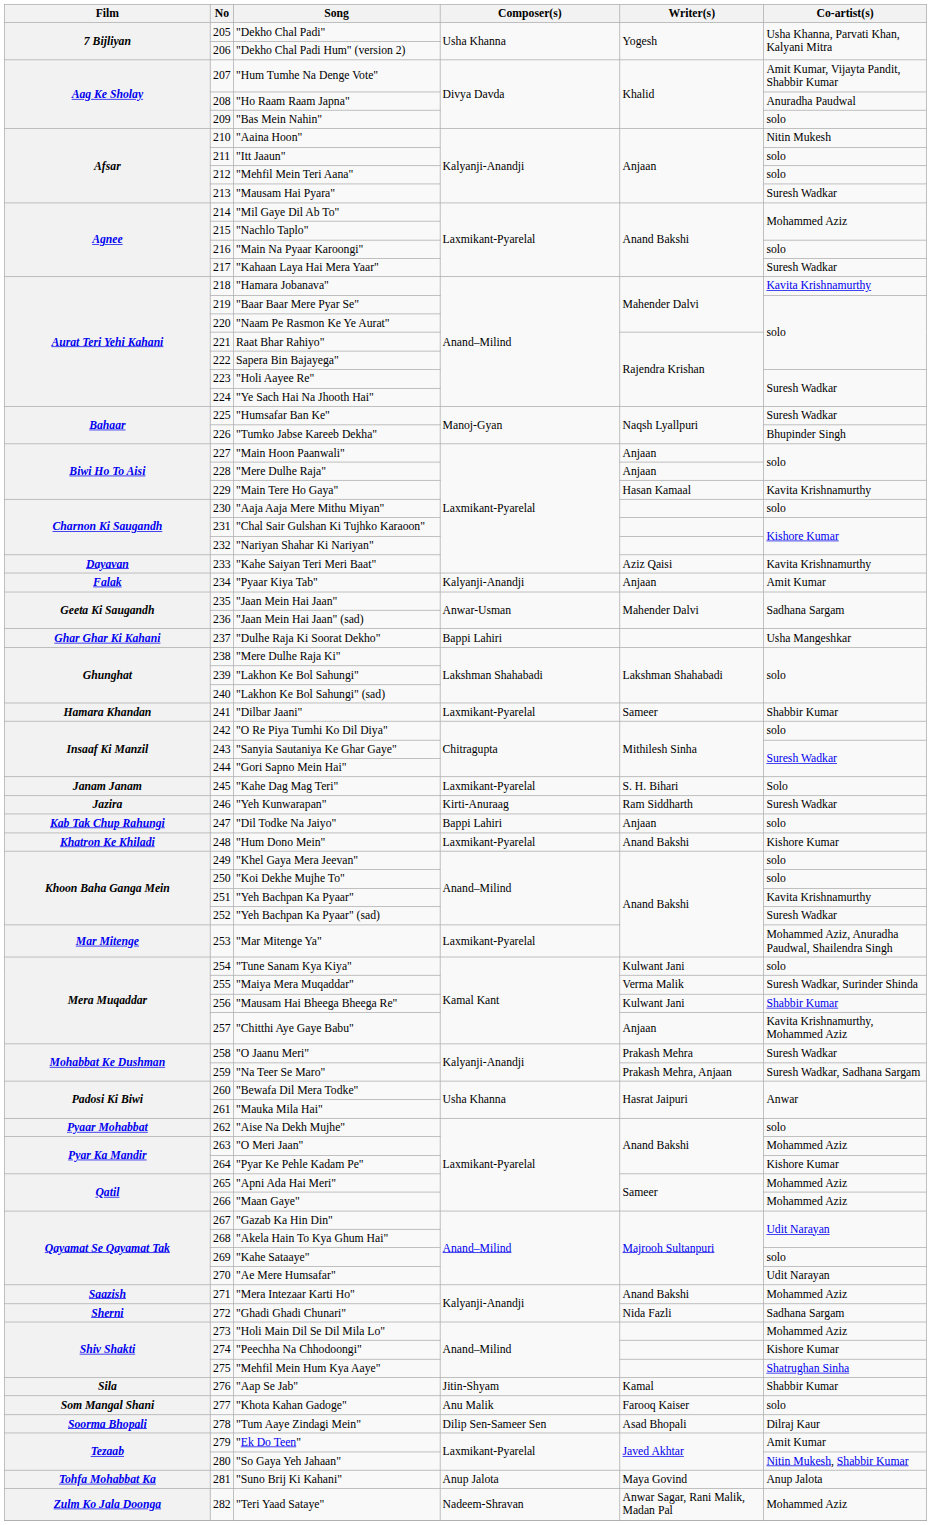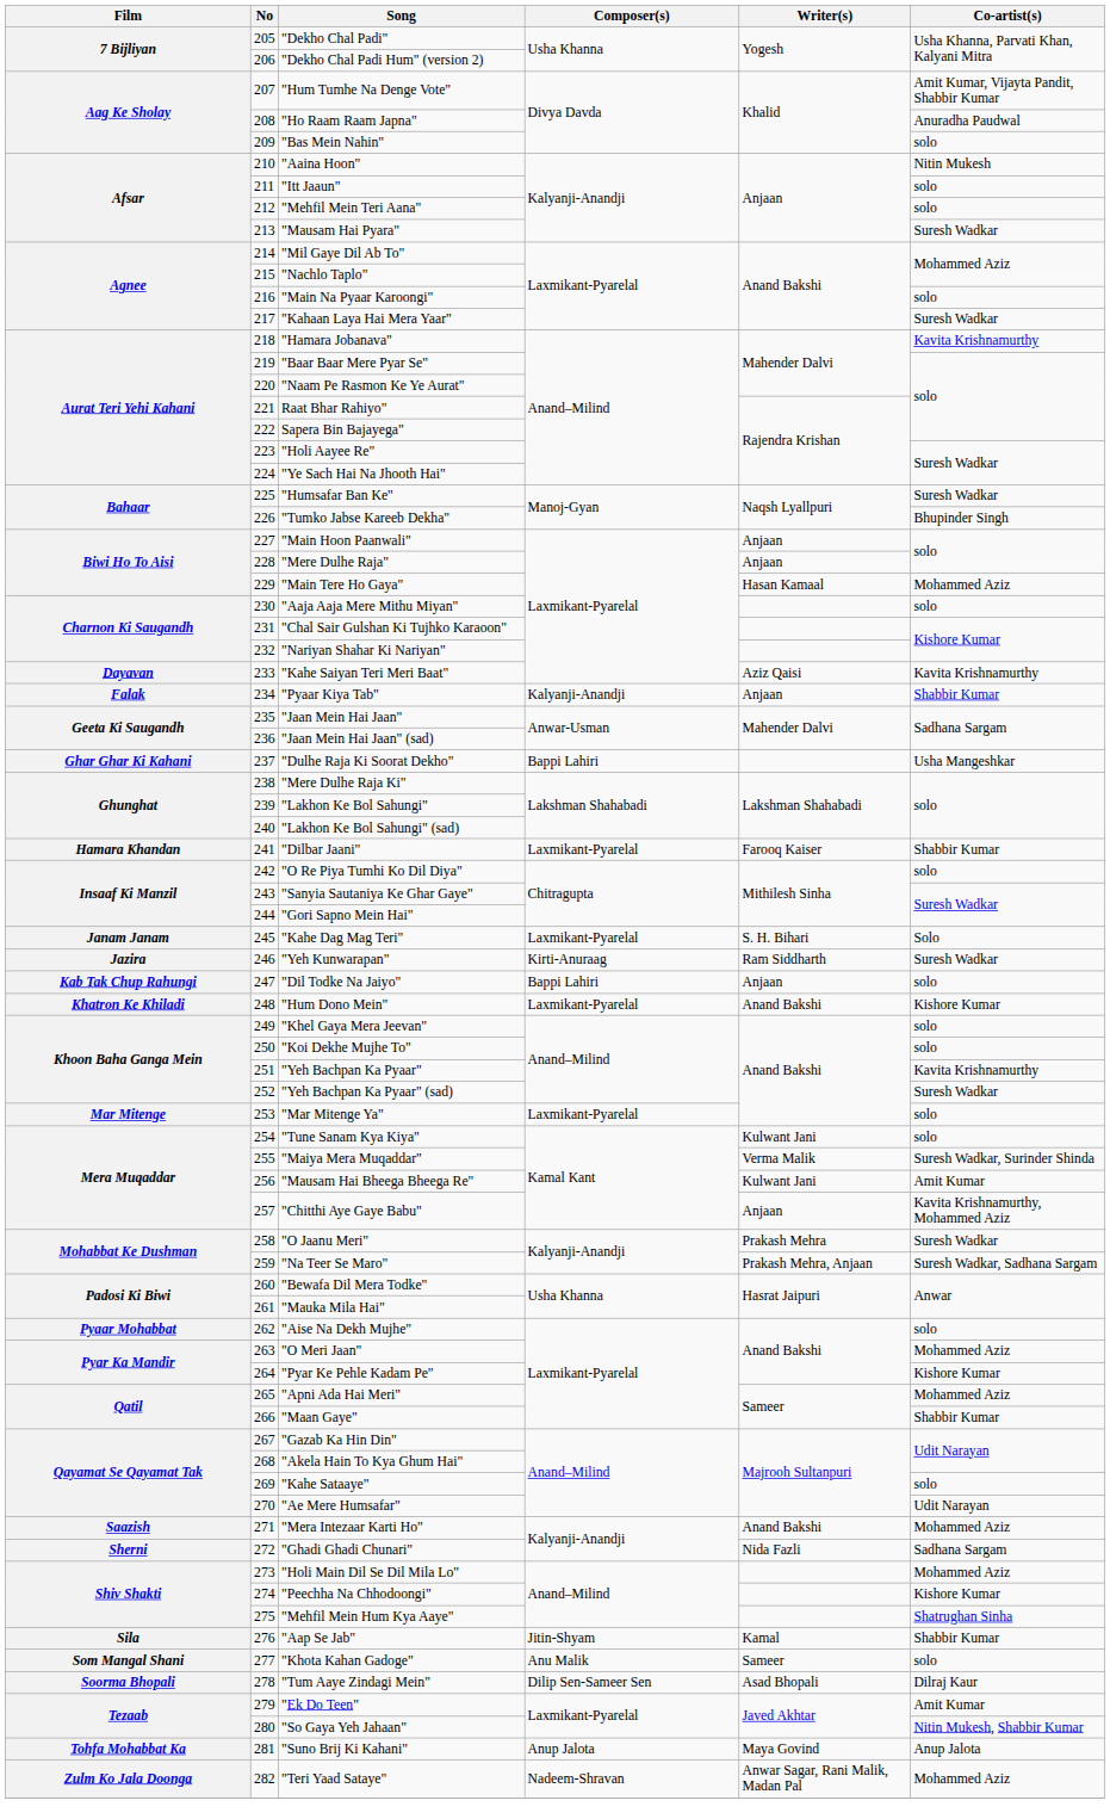 <table class="wikitable plainrowheaders" width="100%" textcolor:#000;">
 <tr style="background:#b0e0e66;">
 <th scope="col" width=23%><strong>Film</strong></th>
 <th><strong>No</strong></th>
 <th scope="col" width=23%><strong>Song</strong></th>
 <th scope="col" width=20%><strong>Composer(s)</strong></th>
 <th scope="col" width=16%><strong>Writer(s)</strong></th>
 <th scope="col" width=18%><strong>Co-artist(s)</strong></th>
 </tr>
 <tr>
 <th rowspan=2><em>7 Bijliyan</em></th>
 <td>205</td>
 <td>"Dekho Chal Padi"</td>
 <td rowspan=2>Usha Khanna</td>
 <td rowspan=2>Yogesh</td>
 <td rowspan=2>Usha Khanna, Parvati Khan, Kalyani Mitra</td>
 </tr>
 <tr>
 <td>206</td>
 <td>"Dekho Chal Padi Hum" (version 2)</td>
 </tr>
 <tr>
 <th rowspan=3><em><a href='#'>Aag Ke Sholay</a></em></th>
 <td>207</td>
 <td>"Hum Tumhe Na Denge Vote"</td>
 <td rowspan=3>Divya Davda</td>
 <td rowspan=3>Khalid</td>
 <td>Amit Kumar, Vijayta Pandit, Shabbir Kumar</td>
 </tr>
 <tr>
 <td>208</td>
 <td>"Ho Raam Raam Japna"</td>
 <td>Anuradha Paudwal</td>
 </tr>
 <tr>
 <td>209</td>
 <td>"Bas Mein Nahin"</td>
 <td>solo</td>
 </tr>
 <tr>
 <th rowspan=4><em>Afsar</em></th>
 <td>210</td>
 <td>"Aaina Hoon"</td>
 <td rowspan=4>Kalyanji-Anandji</td>
 <td rowspan=4>Anjaan</td>
 <td>Nitin Mukesh</td>
 </tr>
 <tr>
 <td>211</td>
 <td>"Itt Jaaun"</td>
 <td>solo</td>
 </tr>
 <tr>
 <td>212</td>
 <td>"Mehfil Mein Teri Aana"</td>
 <td>solo</td>
 </tr>
 <tr>
 <td>213</td>
 <td>"Mausam Hai Pyara"</td>
 <td>Suresh Wadkar</td>
 </tr>
 <tr>
 <th rowspan=4><em><a href='#'>Agnee</a></em></th>
 <td>214</td>
 <td>"Mil Gaye Dil Ab To"</td>
 <td rowspan=4>Laxmikant-Pyarelal</td>
 <td rowspan=4>Anand Bakshi</td>
 <td rowspan=2>Mohammed Aziz</td>
 </tr>
 <tr>
 <td>215</td>
 <td>"Nachlo Taplo"</td>
 </tr>
 <tr>
 <td>216</td>
 <td>"Main Na Pyaar Karoongi"</td>
 <td>solo</td>
 </tr>
 <tr>
 <td>217</td>
 <td>"Kahaan Laya Hai Mera Yaar"</td>
 <td>Suresh Wadkar</td>
 </tr>
 <tr>
 <th rowspan="7"><em><a href='#'>Aurat Teri Yehi Kahani</a></em></th>
 <td>218</td>
 <td>"Hamara Jobanava"</td>
 <td rowspan="7">Anand–Milind</td>
 <td rowspan=3>Mahender Dalvi</td>
 <td><a href='#'>Kavita Krishnamurthy</a></td>
 </tr>
 <tr>
 <td>219</td>
 <td>"Baar Baar Mere Pyar Se"</td>
 <td rowspan=4>solo</td>
 </tr>
 <tr>
 <td>220</td>
 <td>"Naam Pe Rasmon Ke Ye Aurat"</td>
 </tr>
 <tr>
 <td>221</td>
 <td>Raat Bhar Rahiyo"</td>
 <td rowspan=4>Rajendra Krishan</td>
 </tr>
 <tr>
 <td>222</td>
 <td>Sapera Bin Bajayega"</td>
 </tr>
 <tr>
 <td>223</td>
 <td>"Holi Aayee Re"</td>
 <td rowspan="2">Suresh Wadkar</td>
 </tr>
 <tr>
 <td>224</td>
 <td>"Ye Sach Hai Na Jhooth Hai"</td>
 </tr>
 <tr>
 <th rowspan=2><em><a href='#'>Bahaar</a></em></th>
 <td>225</td>
 <td>"Humsafar Ban Ke"</td>
 <td rowspan=2>Manoj-Gyan</td>
 <td rowspan=2>Naqsh Lyallpuri</td>
 <td>Suresh Wadkar</td>
 </tr>
 <tr>
 <td>226</td>
 <td>"Tumko Jabse Kareeb Dekha"</td>
 <td>Bhupinder Singh</td>
 </tr>
 <tr>
 <th rowspan=3><em><a href='#'>Biwi Ho To Aisi</a></em></th>
 <td>227</td>
 <td>"Main Hoon Paanwali"</td>
 <td rowspan=7>Laxmikant-Pyarelal</td>
 <td>Anjaan</td>
 <td rowspan=2>solo</td>
 </tr>
 <tr>
 <td>228</td>
 <td>"Mere Dulhe Raja"</td>
 <td>Anjaan</td>
 </tr>
 <tr>
 <td>229</td>
 <td>"Main Tere Ho Gaya"</td>
 <td>Hasan Kamaal</td>
-<td>Kavita Krishnamurthy</td>
+<td>Mohammed Aziz</td>
 </tr>
 <tr>
 <th rowspan="3"><em><a href='#'>Charnon Ki Saugandh</a></em></th>
 <td>230</td>
 <td>"Aaja Aaja Mere Mithu Miyan"</td>
 <td></td>
 <td>solo</td>
 </tr>
 <tr>
 <td>231</td>
 <td>"Chal Sair Gulshan Ki Tujhko Karaoon"</td>
 <td></td>
 <td rowspan="2"><a href='#'>Kishore Kumar</a></td>
 </tr>
 <tr>
 <td>232</td>
 <td>"Nariyan Shahar Ki Nariyan"</td>
 <td></td>
 </tr>
 <tr>
 <th><em><a href='#'>Dayavan</a></em></th>
 <td>233</td>
 <td>"Kahe Saiyan Teri Meri Baat"</td>
 <td>Aziz Qaisi</td>
 <td>Kavita Krishnamurthy</td>
 </tr>
 <tr>
 <th><em><a href='#'>Falak</a></em></th>
 <td>234</td>
 <td>"Pyaar Kiya Tab"</td>
 <td>Kalyanji-Anandji</td>
 <td>Anjaan</td>
-<td>Amit Kumar</td>
+<td><a href='#'>Shabbir Kumar</a></td>
 </tr>
 <tr>
 <th rowspan=2><em>Geeta Ki Saugandh</em></th>
 <td>235</td>
 <td>"Jaan Mein Hai Jaan"</td>
 <td rowspan=2>Anwar-Usman</td>
 <td rowspan=2>Mahender Dalvi</td>
 <td rowspan=2>Sadhana Sargam</td>
 </tr>
 <tr>
 <td>236</td>
 <td>"Jaan Mein Hai Jaan" (sad)</td>
 </tr>
 <tr>
 <th><em><a href='#'>Ghar Ghar Ki Kahani</a></em></th>
 <td>237</td>
 <td>"Dulhe Raja Ki Soorat Dekho"</td>
 <td>Bappi Lahiri</td>
 <td></td>
 <td>Usha Mangeshkar</td>
 </tr>
 <tr>
 <th rowspan=3><em>Ghunghat</em></th>
 <td>238</td>
 <td>"Mere Dulhe Raja Ki"</td>
 <td rowspan=3>Lakshman Shahabadi</td>
 <td rowspan=3>Lakshman Shahabadi</td>
 <td rowspan=3>solo</td>
 </tr>
 <tr>
 <td>239</td>
 <td>"Lakhon Ke Bol Sahungi"</td>
 </tr>
 <tr>
 <td>240</td>
 <td>"Lakhon Ke Bol Sahungi" (sad)</td>
 </tr>
 <tr>
 <th><em>Hamara Khandan</em></th>
 <td>241</td>
 <td>"Dilbar Jaani"</td>
 <td>Laxmikant-Pyarelal</td>
-<td>Sameer</td>
+<td>Farooq Kaiser</td>
 <td>Shabbir Kumar</td>
 </tr>
 <tr>
 <th rowspan="3"><em>Insaaf Ki Manzil</em></th>
 <td>242</td>
 <td>"O Re Piya Tumhi Ko Dil Diya"</td>
 <td rowspan=3>Chitragupta</td>
 <td rowspan=3>Mithilesh Sinha</td>
 <td>solo</td>
 </tr>
 <tr>
 <td>243</td>
 <td>"Sanyia Sautaniya Ke Ghar Gaye"</td>
 <td rowspan="2"><a href='#'>Suresh Wadkar</a></td>
 </tr>
 <tr>
 <td>244</td>
 <td>"Gori Sapno Mein Hai"</td>
 </tr>
 <tr>
 <th><em>Janam Janam</em></th>
 <td>245</td>
 <td>"Kahe Dag Mag Teri"</td>
 <td rowspan="1">Laxmikant-Pyarelal</td>
 <td>S. H. Bihari</td>
 <td>Solo</td>
 </tr>
 <tr>
 <th><em>Jazira</em></th>
 <td>246</td>
 <td>"Yeh Kunwarapan"</td>
 <td>Kirti-Anuraag</td>
 <td>Ram Siddharth</td>
 <td>Suresh Wadkar</td>
 </tr>
 <tr>
 <th><em><a href='#'>Kab Tak Chup Rahungi</a></em></th>
 <td>247</td>
 <td>"Dil Todke Na Jaiyo"</td>
 <td>Bappi Lahiri</td>
 <td>Anjaan</td>
 <td>solo</td>
 </tr>
 <tr>
 <th><em><a href='#'>Khatron Ke Khiladi</a></em></th>
 <td>248</td>
 <td>"Hum Dono Mein"</td>
 <td>Laxmikant-Pyarelal</td>
 <td>Anand Bakshi</td>
 <td>Kishore Kumar</td>
 </tr>
 <tr>
 <th rowspan=4><em>Khoon Baha Ganga Mein</em></th>
 <td>249</td>
 <td>"Khel Gaya Mera Jeevan"</td>
 <td rowspan=4>Anand–Milind</td>
 <td rowspan=5>Anand Bakshi</td>
 <td>solo</td>
 </tr>
 <tr>
 <td>250</td>
 <td>"Koi Dekhe Mujhe To"</td>
 <td>solo</td>
 </tr>
 <tr>
 <td>251</td>
 <td>"Yeh Bachpan Ka Pyaar"</td>
 <td>Kavita Krishnamurthy</td>
 </tr>
 <tr>
 <td>252</td>
 <td>"Yeh Bachpan Ka Pyaar" (sad)</td>
 <td>Suresh Wadkar</td>
 </tr>
 <tr>
 <th><em><a href='#'>Mar Mitenge</a></em></th>
 <td>253</td>
 <td>"Mar Mitenge Ya"</td>
 <td>Laxmikant-Pyarelal</td>
-<td>Mohammed Aziz, Anuradha Paudwal, Shailendra Singh</td>
+<td>solo</td>
 </tr>
 <tr>
 <th rowspan=4><em>Mera Muqaddar</em></th>
 <td>254</td>
 <td>"Tune Sanam Kya Kiya"</td>
 <td rowspan=4>Kamal Kant</td>
 <td>Kulwant Jani</td>
 <td>solo</td>
 </tr>
 <tr>
 <td>255</td>
 <td>"Maiya Mera Muqaddar"</td>
 <td>Verma Malik</td>
 <td>Suresh Wadkar, Surinder Shinda</td>
 </tr>
 <tr>
 <td>256</td>
 <td>"Mausam Hai Bheega Bheega Re"</td>
 <td>Kulwant Jani</td>
-<td><a href='#'>Shabbir Kumar</a></td>
+<td>Amit Kumar</td>
 </tr>
 <tr>
 <td>257</td>
 <td>"Chitthi Aye Gaye Babu"</td>
 <td>Anjaan</td>
 <td>Kavita Krishnamurthy, Mohammed Aziz</td>
 </tr>
 <tr>
 <th rowspan=2><em><a href='#'>Mohabbat Ke Dushman</a></em></th>
 <td>258</td>
 <td>"O Jaanu Meri"</td>
 <td rowspan=2>Kalyanji-Anandji</td>
 <td>Prakash Mehra</td>
 <td>Suresh Wadkar</td>
 </tr>
 <tr>
 <td>259</td>
 <td>"Na Teer Se Maro"</td>
 <td>Prakash Mehra, Anjaan</td>
 <td>Suresh Wadkar, Sadhana Sargam</td>
 </tr>
 <tr>
 <th rowspan=2><em>Padosi Ki Biwi</em></th>
 <td>260</td>
 <td>"Bewafa Dil Mera Todke"</td>
 <td rowspan=2>Usha Khanna</td>
 <td rowspan=2>Hasrat Jaipuri</td>
 <td rowspan=2>Anwar</td>
 </tr>
 <tr>
 <td>261</td>
 <td>"Mauka Mila Hai"</td>
 </tr>
 <tr>
 <th><em><a href='#'>Pyaar Mohabbat</a></em></th>
 <td>262</td>
 <td>"Aise Na Dekh Mujhe"</td>
 <td rowspan=5>Laxmikant-Pyarelal</td>
 <td rowspan=3>Anand Bakshi</td>
 <td>solo</td>
 </tr>
 <tr>
 <th rowspan=2><em><a href='#'>Pyar Ka Mandir</a></em></th>
 <td>263</td>
 <td>"O Meri Jaan"</td>
 <td>Mohammed Aziz</td>
 </tr>
 <tr>
 <td>264</td>
 <td>"Pyar Ke Pehle Kadam Pe"</td>
 <td>Kishore Kumar</td>
 </tr>
 <tr>
 <th rowspan=2><em><a href='#'>Qatil</a></em></th>
 <td>265</td>
 <td>"Apni Ada Hai Meri"</td>
 <td rowspan=2>Sameer</td>
 <td>Mohammed Aziz</td>
 </tr>
 <tr>
 <td>266</td>
 <td>"Maan Gaye"</td>
-<td>Mohammed Aziz</td>
+<td>Shabbir Kumar</td>
 </tr>
 <tr>
 <th rowspan="4"><em><a href='#'>Qayamat Se Qayamat Tak</a></em></th>
 <td>267</td>
 <td>"Gazab Ka Hin Din"</td>
 <td rowspan="4"><a href='#'>Anand–Milind</a></td>
 <td rowspan="4"><a href='#'>Majrooh Sultanpuri</a></td>
 <td rowspan="2"><a href='#'>Udit Narayan</a></td>
 </tr>
 <tr>
 <td>268</td>
 <td>"Akela Hain To Kya Ghum Hai"</td>
 </tr>
 <tr>
 <td>269</td>
 <td>"Kahe Sataaye"</td>
 <td>solo</td>
 </tr>
 <tr>
 <td>270</td>
 <td>"Ae Mere Humsafar"</td>
 <td>Udit Narayan</td>
 </tr>
 <tr>
 <th><em><a href='#'>Saazish</a></em></th>
 <td>271</td>
 <td>"Mera Intezaar Karti Ho"</td>
 <td rowspan=2>Kalyanji-Anandji</td>
 <td>Anand Bakshi</td>
 <td>Mohammed Aziz</td>
 </tr>
 <tr>
 <th><em><a href='#'>Sherni</a></em></th>
 <td>272</td>
 <td>"Ghadi Ghadi Chunari"</td>
 <td>Nida Fazli</td>
 <td>Sadhana Sargam</td>
 </tr>
 <tr>
 <th rowspan="3"><em><a href='#'>Shiv Shakti</a></em></th>
 <td>273</td>
 <td>"Holi Main Dil Se Dil Mila Lo"</td>
 <td rowspan="3">Anand–Milind</td>
 <td></td>
 <td>Mohammed Aziz</td>
 </tr>
 <tr>
 <td>274</td>
 <td>"Peechha Na Chhodoongi"</td>
 <td></td>
 <td>Kishore Kumar</td>
 </tr>
 <tr>
 <td>275</td>
 <td>"Mehfil Mein Hum Kya Aaye"</td>
 <td></td>
 <td><a href='#'>Shatrughan Sinha</a></td>
 </tr>
 <tr>
 <th><em>Sila</em></th>
 <td>276</td>
 <td>"Aap Se Jab"</td>
 <td>Jitin-Shyam</td>
 <td>Kamal</td>
 <td>Shabbir Kumar</td>
 </tr>
 <tr>
 <th><em>Som Mangal Shani</em></th>
 <td>277</td>
 <td>"Khota Kahan Gadoge"</td>
 <td>Anu Malik</td>
-<td>Farooq Kaiser</td>
+<td>Sameer</td>
 <td>solo</td>
 </tr>
 <tr>
 <th><em><a href='#'>Soorma Bhopali</a></em></th>
 <td>278</td>
 <td>"Tum Aaye Zindagi Mein"</td>
 <td>Dilip Sen-Sameer Sen</td>
 <td>Asad Bhopali</td>
 <td>Dilraj Kaur</td>
 </tr>
 <tr>
 <th rowspan="2"><em><a href='#'>Tezaab</a></em></th>
 <td>279</td>
 <td>"<a href='#'>Ek Do Teen</a>"</td>
 <td rowspan="2">Laxmikant-Pyarelal</td>
 <td rowspan=2><a href='#'>Javed Akhtar</a></td>
 <td>Amit Kumar</td>
 </tr>
 <tr>
 <td>280</td>
 <td>"So Gaya Yeh Jahaan"</td>
 <td><a href='#'>Nitin Mukesh</a>, <a href='#'>Shabbir Kumar</a></td>
 </tr>
 <tr>
 <th><em><a href='#'>Tohfa Mohabbat Ka</a></em></th>
 <td>281</td>
 <td>"Suno Brij Ki Kahani"</td>
 <td>Anup Jalota</td>
 <td>Maya Govind</td>
 <td>Anup Jalota</td>
 </tr>
 <tr>
 <th><em><a href='#'>Zulm Ko Jala Doonga</a></em></th>
 <td>282</td>
 <td>"Teri Yaad Sataye"</td>
 <td>Nadeem-Shravan</td>
 <td>Anwar Sagar, Rani Malik, Madan Pal</td>
 <td>Mohammed Aziz</td>
 </tr>
 <tr>
 </tr>
 </table>
